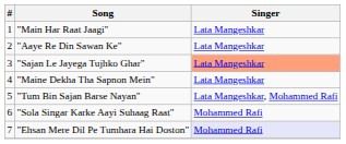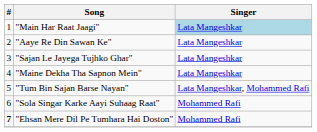 <table class="wikitable" style="font-size:95%;">
 <tr>
 <th>#</th>
 <th>Song</th>
 <th>Singer</th>
 </tr>
 <tr>
 <td>1</td>
 <td>"Main Har Raat Jaagi"</td>
-<td><a href='#'>Lata Mangeshkar</a></td>
+<td style="background: lightblue;"><a href='#'>Lata Mangeshkar</a></td>
 </tr>
 <tr>
 <td>2</td>
 <td>"Aaye Re Din Sawan Ke"</td>
 <td><a href='#'>Lata Mangeshkar</a></td>
 </tr>
 <tr>
 <td>3</td>
 <td>"Sajan Le Jayega Tujhko Ghar"</td>
-<td style="background: lightsalmon;"><a href='#'>Lata Mangeshkar</a></td>
+<td><a href='#'>Lata Mangeshkar</a></td>
 </tr>
 <tr>
 <td>4</td>
 <td>"Maine Dekha Tha Sapnon Mein"</td>
 <td><a href='#'>Lata Mangeshkar</a></td>
 </tr>
 <tr>
 <td>5</td>
 <td>"Tum Bin Sajan Barse Nayan"</td>
 <td><a href='#'>Lata Mangeshkar</a>, <a href='#'>Mohammed Rafi</a></td>
 </tr>
 <tr>
 <td>6</td>
 <td>"Sola Singar Karke Aayi Suhaag Raat"</td>
 <td><a href='#'>Mohammed Rafi</a></td>
 </tr>
 <tr>
-<td>7</td>
+<td><strong>7</strong></td>
 <td>"Ehsan Mere Dil Pe Tumhara Hai Doston"</td>
-<td style="background: lavender;"><a href='#'>Mohammed Rafi</a></td>
+<td><a href='#'>Mohammed Rafi</a></td>
 </tr>
 <tr>
 </tr>
 </table>
